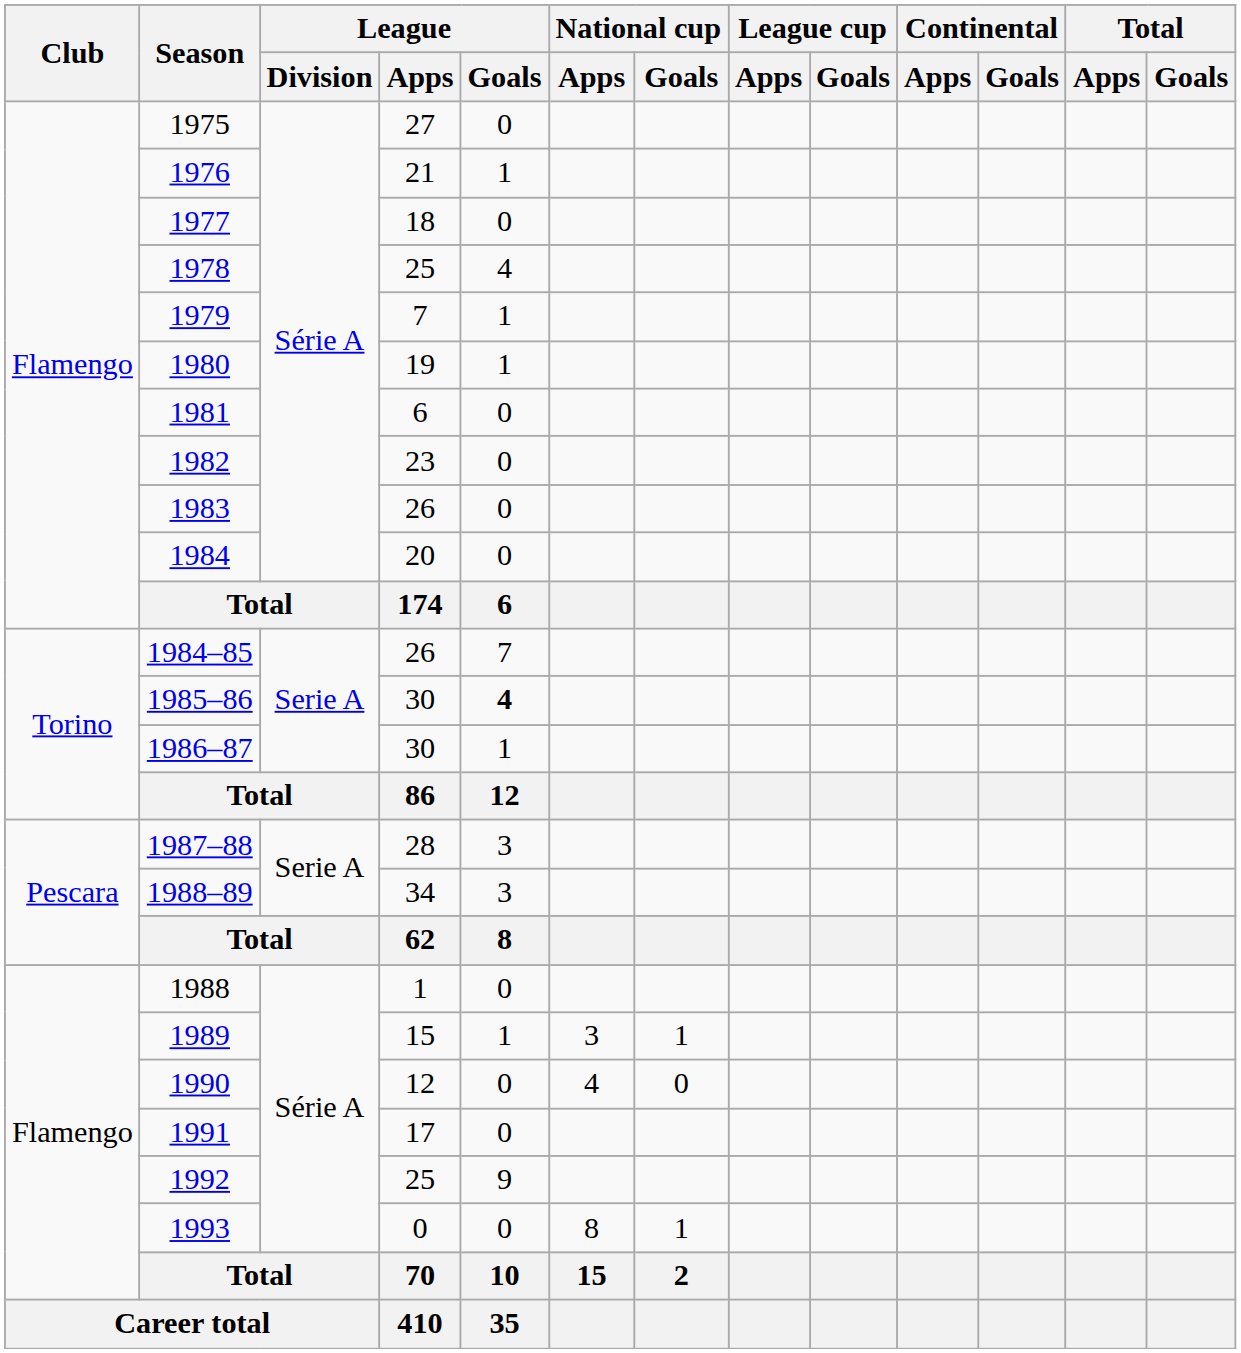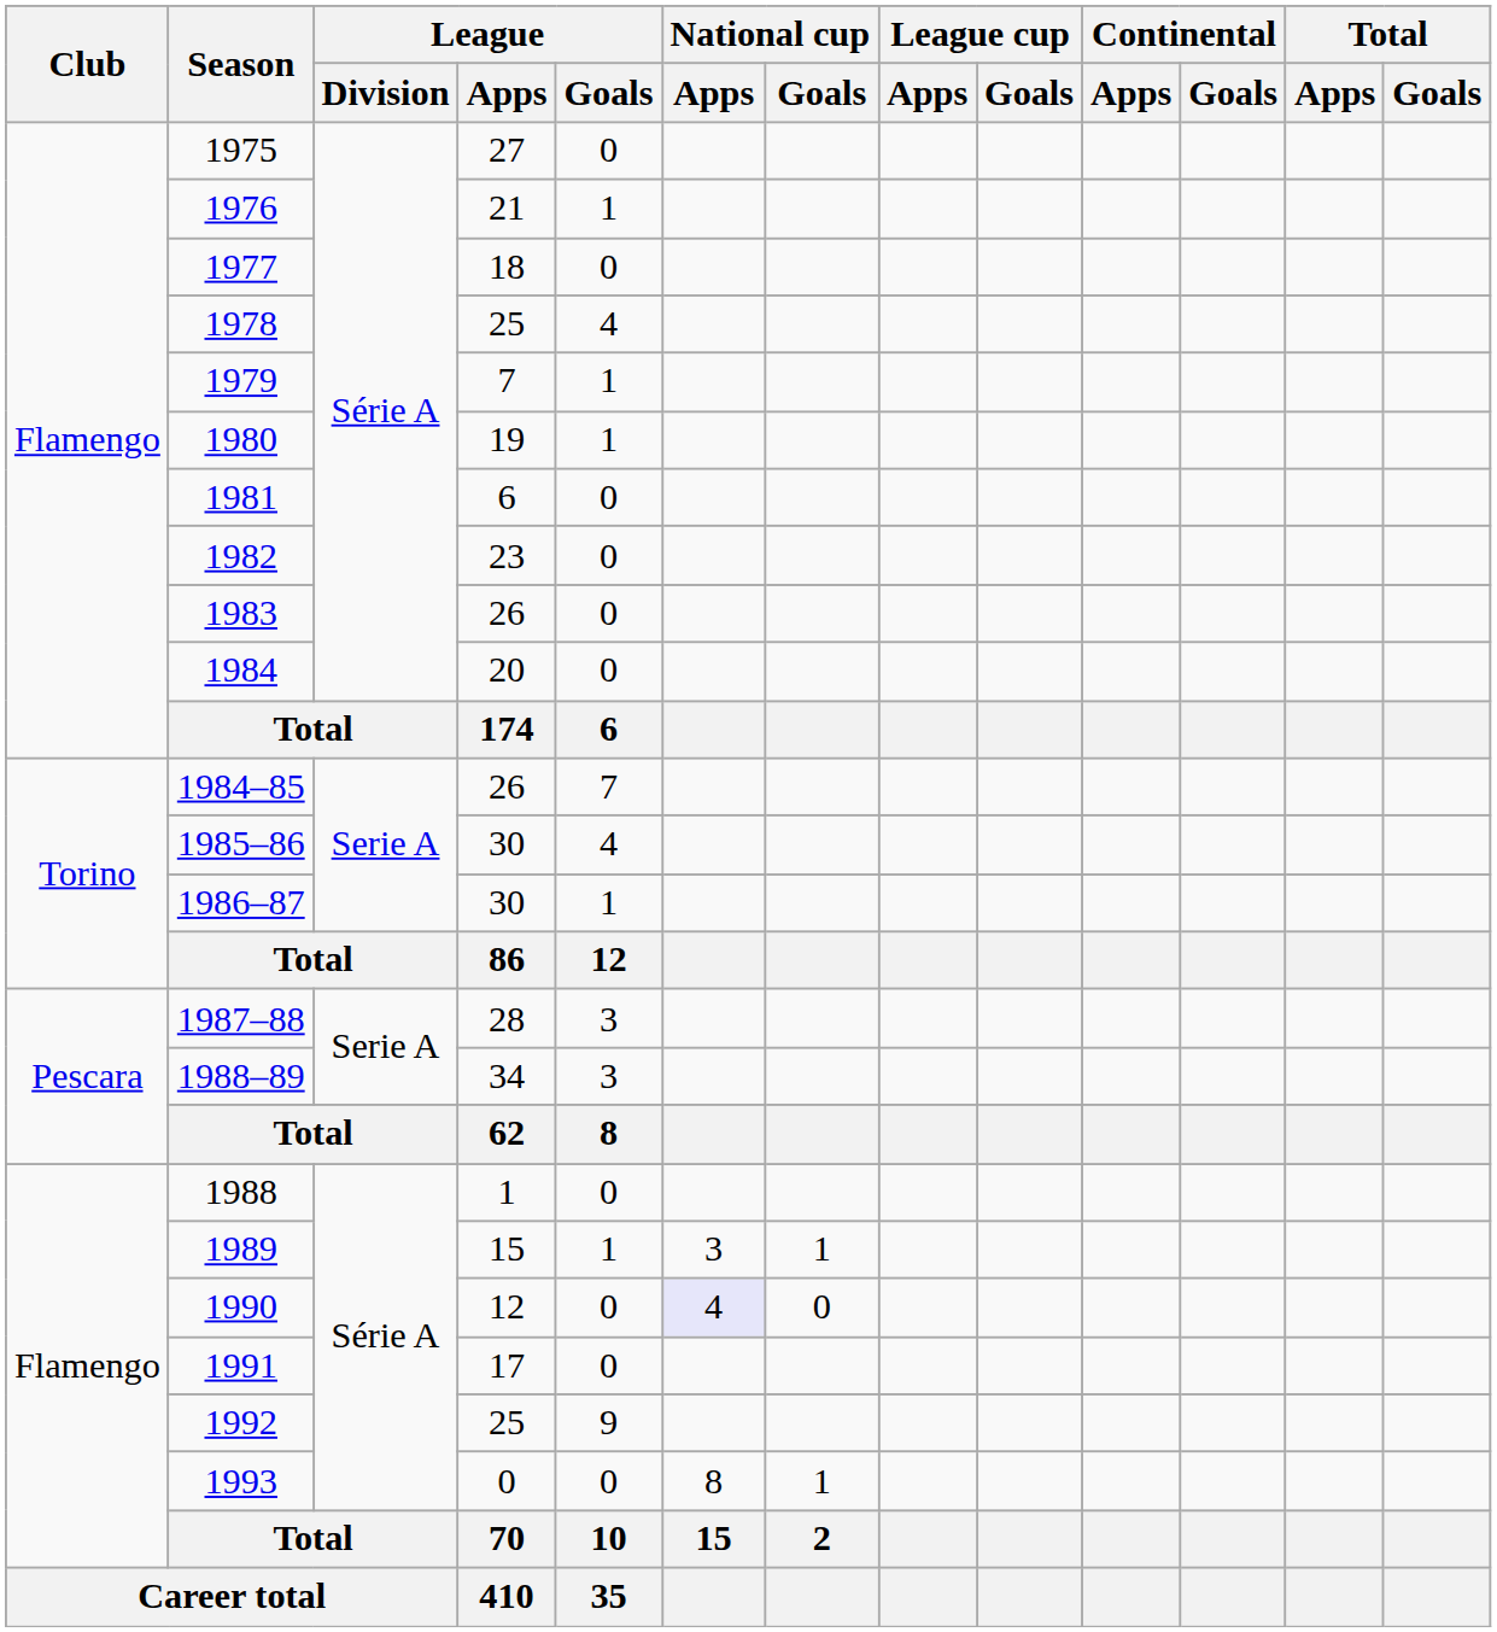 <table class="wikitable" style="text-align:center">
 <tr>
 <th rowspan="2">Club</th>
 <th rowspan="2">Season</th>
 <th colspan="3">League</th>
 <th colspan="2">National cup</th>
 <th colspan="2">League cup</th>
 <th colspan="2">Continental</th>
 <th colspan="2">Total</th>
 </tr>
 <tr>
 <th>Division</th>
 <th>Apps</th>
 <th>Goals</th>
 <th>Apps</th>
 <th>Goals</th>
 <th>Apps</th>
 <th>Goals</th>
 <th>Apps</th>
 <th>Goals</th>
 <th>Apps</th>
 <th>Goals</th>
 </tr>
 <tr>
 <td rowspan="11"><a href='#'>Flamengo</a></td>
 <td>1975</td>
 <td rowspan="10"><a href='#'>Série A</a></td>
 <td>27</td>
 <td>0</td>
 <td></td>
 <td></td>
 <td></td>
 <td></td>
 <td></td>
 <td></td>
 <td></td>
 <td></td>
 </tr>
 <tr>
 <td><a href='#'>1976</a></td>
 <td>21</td>
 <td>1</td>
 <td></td>
 <td></td>
 <td></td>
 <td></td>
 <td></td>
 <td></td>
 <td></td>
 <td></td>
 </tr>
 <tr>
 <td><a href='#'>1977</a></td>
 <td>18</td>
 <td>0</td>
 <td></td>
 <td></td>
 <td></td>
 <td></td>
 <td></td>
 <td></td>
 <td></td>
 <td></td>
 </tr>
 <tr>
 <td><a href='#'>1978</a></td>
 <td>25</td>
 <td>4</td>
 <td></td>
 <td></td>
 <td></td>
 <td></td>
 <td></td>
 <td></td>
 <td></td>
 <td></td>
 </tr>
 <tr>
 <td><a href='#'>1979</a></td>
 <td>7</td>
 <td>1</td>
 <td></td>
 <td></td>
 <td></td>
 <td></td>
 <td></td>
 <td></td>
 <td></td>
 <td></td>
 </tr>
 <tr>
 <td><a href='#'>1980</a></td>
 <td>19</td>
 <td>1</td>
 <td></td>
 <td></td>
 <td></td>
 <td></td>
 <td></td>
 <td></td>
 <td></td>
 <td></td>
 </tr>
 <tr>
 <td><a href='#'>1981</a></td>
 <td>6</td>
 <td>0</td>
 <td></td>
 <td></td>
 <td></td>
 <td></td>
 <td></td>
 <td></td>
 <td></td>
 <td></td>
 </tr>
 <tr>
 <td><a href='#'>1982</a></td>
 <td>23</td>
 <td>0</td>
 <td></td>
 <td></td>
 <td></td>
 <td></td>
 <td></td>
 <td></td>
 <td></td>
 <td></td>
 </tr>
 <tr>
 <td><a href='#'>1983</a></td>
 <td>26</td>
 <td>0</td>
 <td></td>
 <td></td>
 <td></td>
 <td></td>
 <td></td>
 <td></td>
 <td></td>
 <td></td>
 </tr>
 <tr>
 <td><a href='#'>1984</a></td>
 <td>20</td>
 <td>0</td>
 <td></td>
 <td></td>
 <td></td>
 <td></td>
 <td></td>
 <td></td>
 <td></td>
 <td></td>
 </tr>
 <tr>
 <th colspan="2">Total</th>
 <th>174</th>
 <th>6</th>
 <th></th>
 <th></th>
 <th></th>
 <th></th>
 <th></th>
 <th></th>
 <th></th>
 <th></th>
 </tr>
 <tr>
 <td rowspan="4"><a href='#'>Torino</a></td>
 <td><a href='#'>1984–85</a></td>
 <td rowspan="3"><a href='#'>Serie A</a></td>
 <td>26</td>
 <td>7</td>
 <td></td>
 <td></td>
 <td></td>
 <td></td>
 <td></td>
 <td></td>
 <td></td>
 <td></td>
 </tr>
 <tr>
 <td><a href='#'>1985–86</a></td>
 <td>30</td>
-<td><strong>4</strong></td>
+<td>4</td>
 <td></td>
 <td></td>
 <td></td>
 <td></td>
 <td></td>
 <td></td>
 <td></td>
 <td></td>
 </tr>
 <tr>
 <td><a href='#'>1986–87</a></td>
 <td>30</td>
 <td>1</td>
 <td></td>
 <td></td>
 <td></td>
 <td></td>
 <td></td>
 <td></td>
 <td></td>
 <td></td>
 </tr>
 <tr>
 <th colspan="2">Total</th>
 <th>86</th>
 <th>12</th>
 <th></th>
 <th></th>
 <th></th>
 <th></th>
 <th></th>
 <th></th>
 <th></th>
 <th></th>
 </tr>
 <tr>
 <td rowspan="3"><a href='#'>Pescara</a></td>
 <td><a href='#'>1987–88</a></td>
 <td rowspan="2">Serie A</td>
 <td>28</td>
 <td>3</td>
 <td></td>
 <td></td>
 <td></td>
 <td></td>
 <td></td>
 <td></td>
 <td></td>
 <td></td>
 </tr>
 <tr>
 <td><a href='#'>1988–89</a></td>
 <td>34</td>
 <td>3</td>
 <td></td>
 <td></td>
 <td></td>
 <td></td>
 <td></td>
 <td></td>
 <td></td>
 <td></td>
 </tr>
 <tr>
 <th colspan="2">Total</th>
 <th>62</th>
 <th>8</th>
 <th></th>
 <th></th>
 <th></th>
 <th></th>
 <th></th>
 <th></th>
 <th></th>
 <th></th>
 </tr>
 <tr>
 <td rowspan="7">Flamengo</td>
 <td>1988</td>
 <td rowspan="6">Série A</td>
 <td>1</td>
 <td>0</td>
 <td></td>
 <td></td>
 <td></td>
 <td></td>
 <td></td>
 <td></td>
 <td></td>
 <td></td>
 </tr>
 <tr>
 <td><a href='#'>1989</a></td>
 <td>15</td>
 <td>1</td>
 <td>3</td>
 <td>1</td>
 <td></td>
 <td></td>
 <td></td>
 <td></td>
 <td></td>
 <td></td>
 </tr>
 <tr>
 <td><a href='#'>1990</a></td>
 <td>12</td>
 <td>0</td>
-<td>4</td>
+<td style="background: lavender;">4</td>
 <td>0</td>
 <td></td>
 <td></td>
 <td></td>
 <td></td>
 <td></td>
 <td></td>
 </tr>
 <tr>
 <td><a href='#'>1991</a></td>
 <td>17</td>
 <td>0</td>
 <td></td>
 <td></td>
 <td></td>
 <td></td>
 <td></td>
 <td></td>
 <td></td>
 <td></td>
 </tr>
 <tr>
 <td><a href='#'>1992</a></td>
 <td>25</td>
 <td>9</td>
 <td></td>
 <td></td>
 <td></td>
 <td></td>
 <td></td>
 <td></td>
 <td></td>
 <td></td>
 </tr>
 <tr>
 <td><a href='#'>1993</a></td>
 <td>0</td>
 <td>0</td>
 <td>8</td>
 <td>1</td>
 <td></td>
 <td></td>
 <td></td>
 <td></td>
 <td></td>
 <td></td>
 </tr>
 <tr>
 <th colspan="2">Total</th>
 <th>70</th>
 <th>10</th>
 <th>15</th>
 <th>2</th>
 <th></th>
 <th></th>
 <th></th>
 <th></th>
 <th></th>
 <th></th>
 </tr>
 <tr>
 <th colspan="3">Career total</th>
 <th>410</th>
 <th>35</th>
 <th></th>
 <th></th>
 <th></th>
 <th></th>
 <th></th>
 <th></th>
 <th></th>
 <th></th>
 </tr>
 </table>
